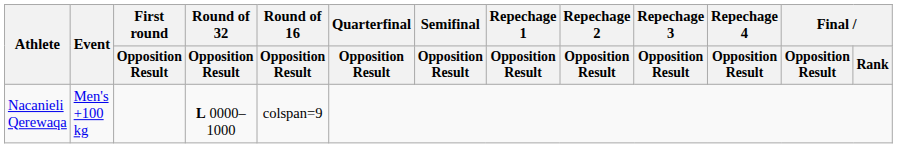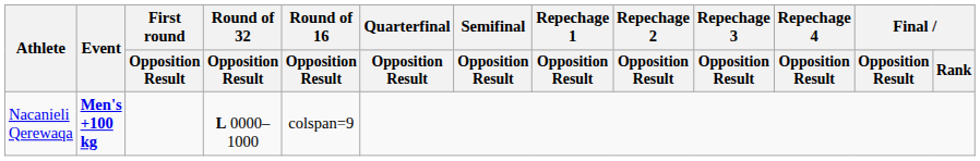 <table class=wikitable style=font-size:90%;text-align:center>
 <tr>
 <th rowspan=2>Athlete</th>
 <th rowspan=2>Event</th>
 <th>First round</th>
 <th>Round of 32</th>
 <th>Round of 16</th>
 <th>Quarterfinal</th>
 <th>Semifinal</th>
 <th>Repechage 1</th>
 <th>Repechage 2</th>
 <th>Repechage 3</th>
 <th>Repechage 4</th>
 <th colspan=2>Final / </th>
 </tr>
 <tr style=font-size:95%>
 <th>Opposition<br>Result</th>
 <th>Opposition<br>Result</th>
 <th>Opposition<br>Result</th>
 <th>Opposition<br>Result</th>
 <th>Opposition<br>Result</th>
 <th>Opposition<br>Result</th>
 <th>Opposition<br>Result</th>
 <th>Opposition<br>Result</th>
 <th>Opposition<br>Result</th>
 <th>Opposition<br>Result</th>
 <th>Rank</th>
 </tr>
 <tr>
 <td align=left><a href='#'>Nacanieli Qerewaqa</a></td>
-<td align=left><a href='#'>Men's +100 kg</a></td>
+<td align=left><strong><a href='#'>Men's +100 kg</a></strong></td>
 <td></td>
 <td><br><strong>L</strong> 0000–1000</td>
 <td>colspan=9 </td>
 </tr>
 </table>
